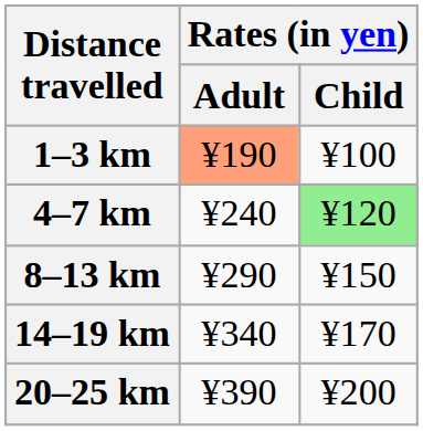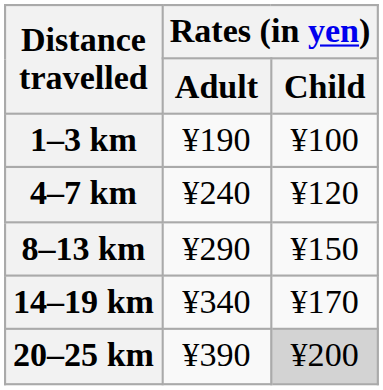 <table class="wikitable">
 <tr>
 <th rowspan="2">Distance<br>travelled</th>
 <th colspan="2">Rates (in <a href='#'>yen</a>)</th>
 </tr>
 <tr>
 <th>Adult</th>
 <th>Child</th>
 </tr>
 <tr align="center">
 <th>1–3 km</th>
-<td style="background: lightsalmon;">¥190</td>
+<td>¥190</td>
 <td>¥100</td>
 </tr>
 <tr align="center">
 <th>4–7 km</th>
 <td>¥240</td>
-<td style="background: lightgreen;">¥120</td>
+<td>¥120</td>
 </tr>
 <tr align="center">
 <th>8–13 km</th>
 <td>¥290</td>
 <td>¥150</td>
 </tr>
 <tr align="center">
 <th>14–19 km</th>
 <td>¥340</td>
 <td>¥170</td>
 </tr>
 <tr align="center">
 <th>20–25 km</th>
 <td>¥390</td>
-<td>¥200</td>
+<td style="background: lightgrey;">¥200</td>
 </tr>
 </table>
